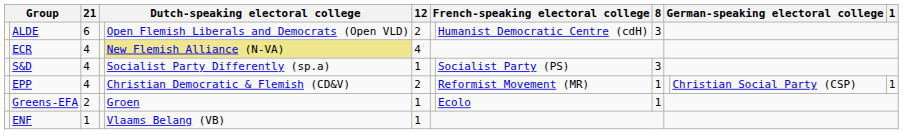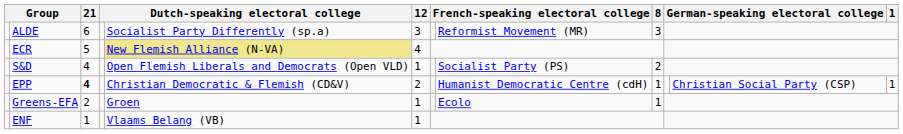 <table class="wikitable" style="text-align:left;">
 <tr>
 <th colspan="2">Group</th>
 <th>21</th>
 <th colspan="2">Dutch-speaking electoral college</th>
 <th>12</th>
 <th colspan="2">French-speaking electoral college</th>
 <th>8</th>
 <th colspan="2">German-speaking electoral college</th>
 <th>1</th>
 </tr>
 <tr>
 <td style="background-color: "></td>
 <td><a href='#'>ALDE</a></td>
 <td>6</td>
 <td style="background-color: "></td>
-<td><a href='#'>Open Flemish Liberals and Democrats</a> (Open VLD)</td>
-<td>2</td>
+<td><a href='#'>Socialist Party Differently</a> (sp.a)</td>
+<td>3</td>
 <td style="background-color: "></td>
-<td><a href='#'>Humanist Democratic Centre</a> (cdH)</td>
+<td><a href='#'>Reformist Movement</a> (MR)</td>
 <td>3</td>
 <td colspan="3"></td>
 </tr>
 <tr>
 <td style="background-color: "></td>
 <td><a href='#'>ECR</a></td>
-<td>4</td>
+<td>5</td>
 <td style="background-color: "></td>
 <td style="background: khaki;"><a href='#'>New Flemish Alliance</a> (N-VA)</td>
 <td>4</td>
 <td colspan="3"></td>
 <td colspan="3"></td>
 </tr>
 <tr>
 <td style="background-color: "></td>
 <td><a href='#'>S&D</a></td>
 <td>4</td>
 <td style="background-color: "></td>
-<td><a href='#'>Socialist Party Differently</a> (sp.a)</td>
+<td><a href='#'>Open Flemish Liberals and Democrats</a> (Open VLD)</td>
 <td>1</td>
 <td style="background-color: "></td>
 <td><a href='#'>Socialist Party</a> (PS)</td>
-<td>3</td>
+<td>2</td>
 <td colspan="3"></td>
 </tr>
 <tr>
 <td style="background-color: "></td>
 <td><a href='#'>EPP</a></td>
-<td>4</td>
+<td><strong>4</strong></td>
 <td style="background-color: "></td>
 <td><a href='#'>Christian Democratic & Flemish</a> (CD&V)</td>
 <td>2</td>
 <td style="background-color: "></td>
-<td><a href='#'>Reformist Movement</a> (MR)</td>
+<td><a href='#'>Humanist Democratic Centre</a> (cdH)</td>
 <td>1</td>
 <td style="background-color: "></td>
 <td><a href='#'>Christian Social Party</a> (CSP)</td>
 <td>1</td>
 </tr>
 <tr>
 <td style="background-color: "></td>
 <td><a href='#'>Greens-EFA</a></td>
 <td>2</td>
 <td style="background-color: "></td>
 <td><a href='#'>Groen</a></td>
 <td>1</td>
 <td style="background-color: "></td>
 <td><a href='#'>Ecolo</a></td>
 <td>1</td>
 <td colspan="3"></td>
 </tr>
 <tr>
 <td style="background-color: "></td>
 <td><a href='#'>ENF</a></td>
 <td>1</td>
 <td style="background-color: "></td>
 <td><a href='#'>Vlaams Belang</a> (VB)</td>
 <td>1</td>
 <td colspan="3"></td>
 <td colspan="3"></td>
 </tr>
 </table>
